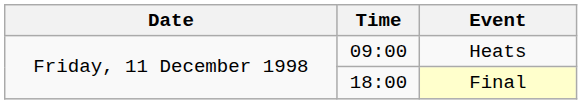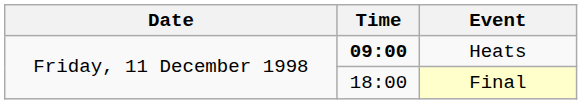 <table class = "wikitable" style="text-align:center;">
 <tr>
 <th width=220>Date</th>
 <th width=50>Time</th>
 <th width=100>Event</th>
 </tr>
 <tr>
 <td rowspan=2>Friday, 11 December 1998</td>
-<td>09:00</td>
+<td><strong>09:00</strong></td>
 <td>Heats</td>
 </tr>
 <tr>
 <td>18:00</td>
 <td bgcolor=ffffcc>Final</td>
 </tr>
 </table>
